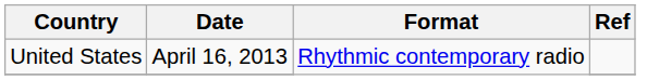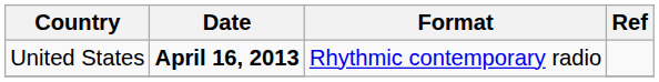 <table class="wikitable">
 <tr>
 <th scope="col">Country</th>
 <th scope="col">Date</th>
 <th scope="col">Format</th>
 <th scope="col">Ref</th>
 </tr>
 <tr>
 <td>United States</td>
-<td>April 16, 2013</td>
+<td><strong>April 16, 2013</strong></td>
 <td rowspan="2"><a href='#'>Rhythmic contemporary</a> radio</td>
 <td></td>
 </tr>
 <tr>
 </tr>
 </table>
